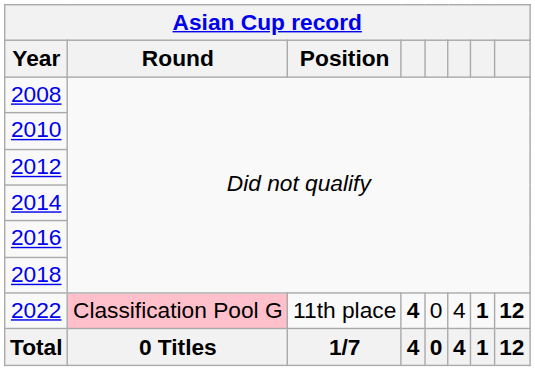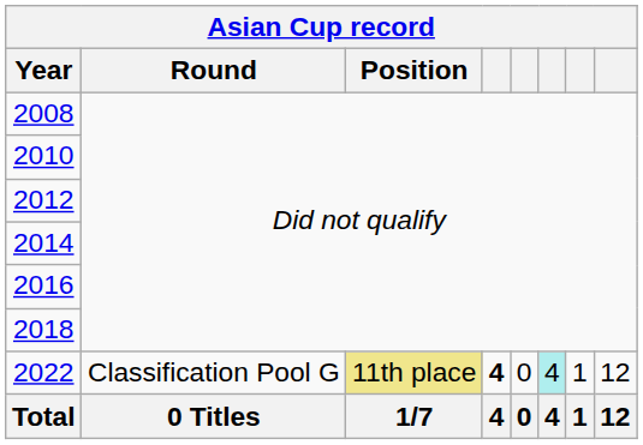 <table class="wikitable" style="text-align:center">
 <tr>
 <th colspan=9><a href='#'>Asian Cup record</a></th>
 </tr>
 <tr>
 <th>Year</th>
 <th>Round</th>
 <th>Position</th>
 <th></th>
 <th></th>
 <th></th>
 <th></th>
 <th></th>
 </tr>
 <tr>
 <td> <a href='#'>2008</a></td>
 <td rowspan=6  colspan=7><em>Did not qualify</em></td>
 </tr>
 <tr>
 <td> <a href='#'>2010</a></td>
 </tr>
 <tr>
 <td> <a href='#'>2012</a></td>
 </tr>
 <tr>
 <td> <a href='#'>2014</a></td>
 </tr>
 <tr>
 <td> <a href='#'>2016</a></td>
 </tr>
 <tr>
 <td> <a href='#'>2018</a></td>
 </tr>
 <tr>
 <td> <a href='#'>2022</a></td>
-<td style="background: pink;">Classification Pool G</td>
-<td>11th place</td>
+<td>Classification Pool G</td>
+<td style="background: khaki;">11th place</td>
 <td><strong>4</strong></td>
 <td>0</td>
-<td>4</td>
-<td><strong>1</strong></td>
-<td><strong>12</strong></td>
+<td style="background: paleturquoise;">4</td>
+<td>1</td>
+<td>12</td>
 </tr>
 <tr>
 <th>Total</th>
 <th>0 Titles</th>
 <th>1/7</th>
 <th>4</th>
 <th>0</th>
 <th>4</th>
 <th>1</th>
 <th>12</th>
 </tr>
 </table>
